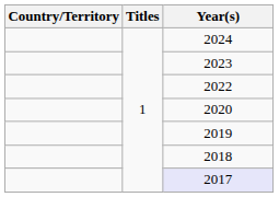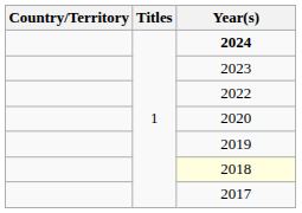 <table class="wikitable sortable" style="font-size:85%;">
 <tr>
 <th width="100">Country/Territory</th>
 <th width="20">Titles</th>
 <th width="100">Year(s)</th>
 </tr>
 <tr>
 <td></td>
 <td rowspan="7" style="text-align:center;">1</td>
-<td style="text-align:center;">2024</td>
+<td style="text-align:center;"><strong>2024</strong></td>
 </tr>
 <tr>
 <td></td>
 <td style="text-align:center;">2023</td>
 </tr>
 <tr>
 <td></td>
 <td style="text-align:center;">2022</td>
 </tr>
 <tr>
 <td></td>
 <td style="text-align:center;">2020</td>
 </tr>
 <tr>
 <td></td>
 <td style="text-align:center;">2019</td>
 </tr>
 <tr>
 <td></td>
-<td style="text-align:center;">2018</td>
+<td style="background: lightyellow; text-align:center;">2018</td>
 </tr>
 <tr>
 <td></td>
-<td style="background: lavender; text-align:center;">2017</td>
+<td style="text-align:center;">2017</td>
 </tr>
 </table>
